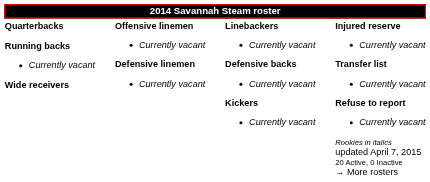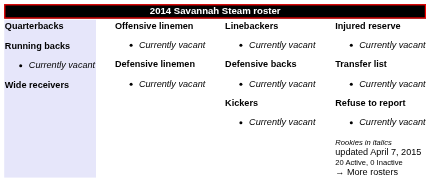 <table class="toccolours" style="text-align: left;">
 <tr>
 <th colspan="7" style="background:#000000; border:2px solid #FF0000; color:white; text-align:center;"><strong>2014 Savannah Steam roster</strong></th>
 </tr>
 <tr>
-<td style="font-size: 95%;vertical-align:top;"><strong>Quarterbacks</strong><br><br><strong>Running backs</strong><ul><li><em>Currently vacant</em></li></ul><strong>Wide receivers</strong> </td>
+<td style="background: lavender; font-size: 95%;vertical-align:top;"><strong>Quarterbacks</strong><br><br><strong>Running backs</strong><ul><li><em>Currently vacant</em></li></ul><strong>Wide receivers</strong> </td>
 <td style="width: 25px;"></td>
 <td style="font-size: 95%;vertical-align:top;"><strong>Offensive linemen</strong><br><ul><li><em>Currently vacant</em></li></ul><strong>Defensive linemen</strong><ul><li><em>Currently vacant</em></li></ul></td>
 <td style="width: 25px;"></td>
 <td style="font-size: 95%;vertical-align:top;"><strong>Linebackers</strong><br><ul><li><em>Currently vacant</em></li></ul><strong>Defensive backs</strong><ul><li><em>Currently vacant</em></li></ul><strong>Kickers</strong><ul><li><em>Currently vacant</em></li></ul></td>
 <td style="width: 25px;"></td>
 <td style="font-size: 95%;vertical-align:top;"><strong>Injured reserve</strong><br><ul><li><em>Currently vacant</em></li></ul><strong>Transfer list</strong><ul><li><em>Currently vacant</em></li></ul><strong>Refuse to report</strong><ul><li><em>Currently vacant</em></li></ul><small><em>Rookies in italics</em></small><br>  updated April 7, 2015<br> <small>20 Active, 0 Inactive</small><br>→ More rosters</td>
 </tr>
 </table>
